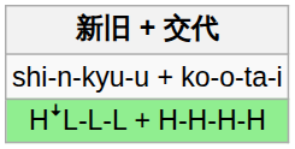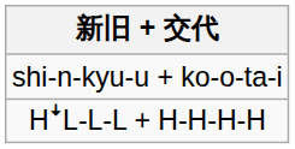 <table class="wikitable" style="text-align:center">
 <tr>
 <th>新旧 + 交代</th>
 </tr>
 <tr>
 <td>shi-n-kyu-u + ko-o-ta-i</td>
 </tr>
 <tr>
-<td style="background: lightgreen;">HꜜL-L-L + H-H-H-H</td>
+<td>HꜜL-L-L + H-H-H-H</td>
 </tr>
 </table>
